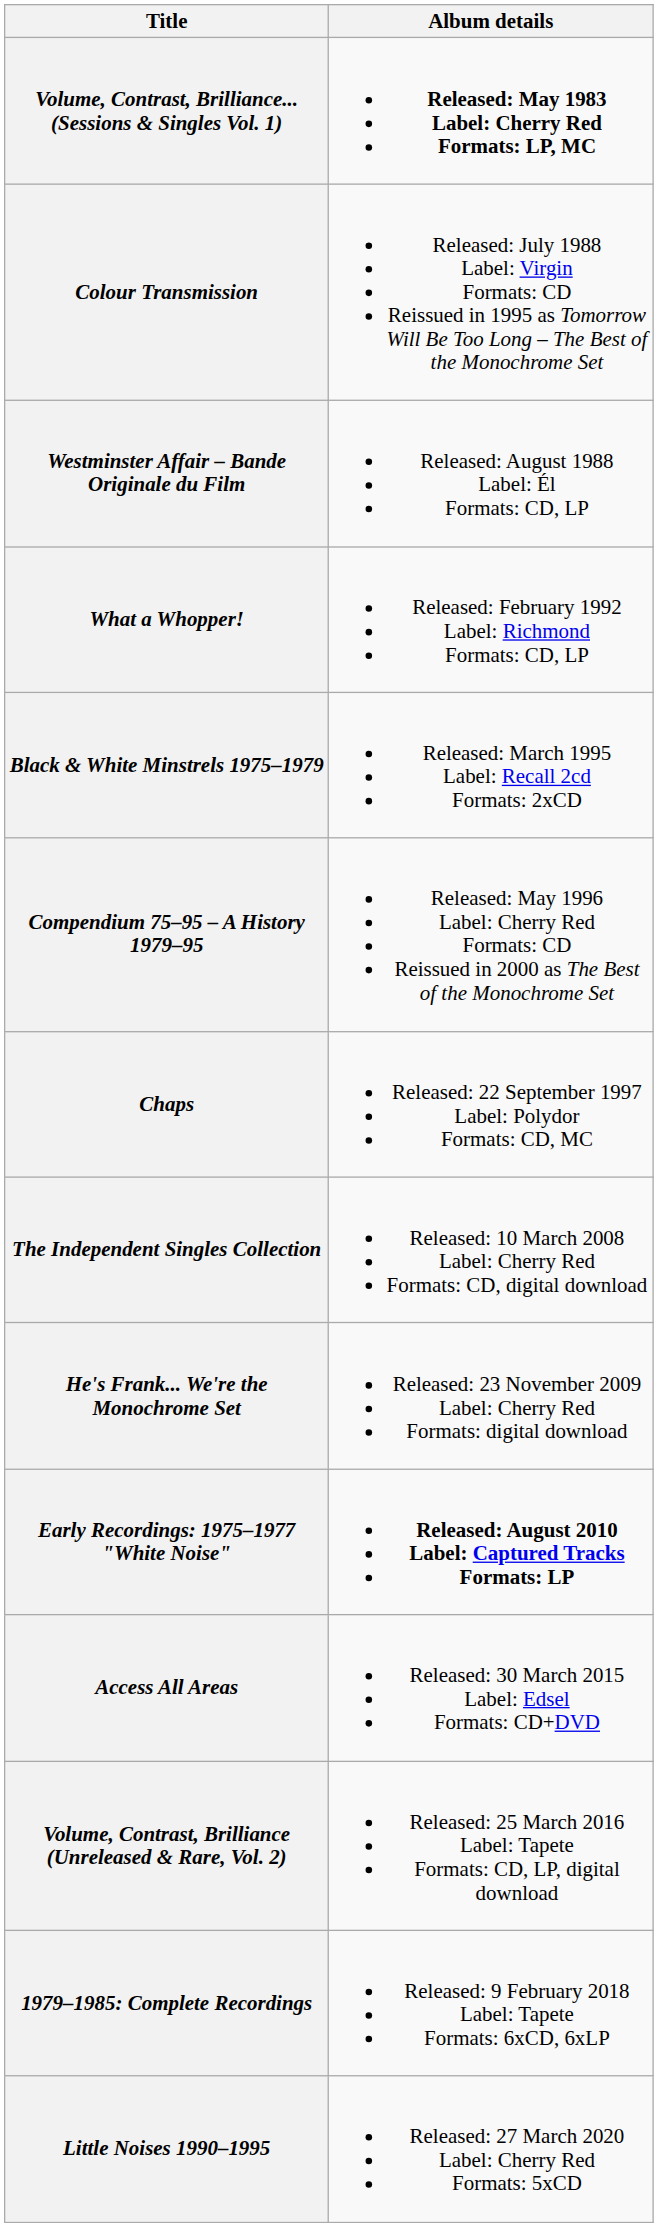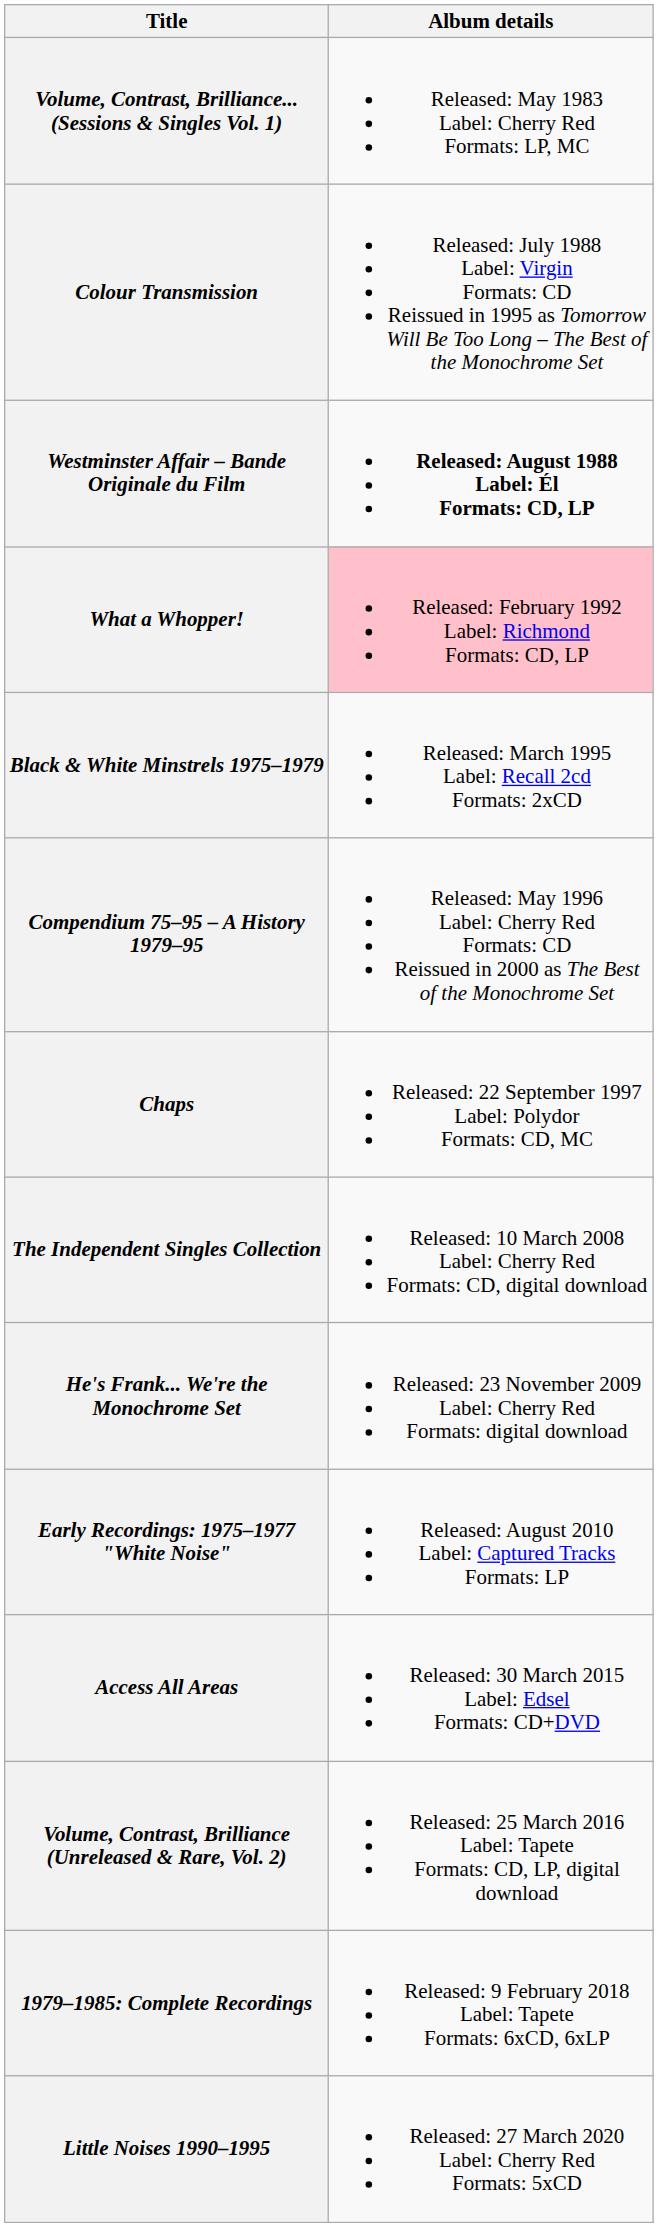 <table class="wikitable plainrowheaders" style="text-align:center;">
 <tr>
 <th scope="col" style="width:15em;">Title</th>
 <th scope="col" style="width:15em;">Album details</th>
 </tr>
 <tr>
 <th scope="row"><em>Volume, Contrast, Brilliance... (Sessions & Singles Vol. 1)</em></th>
-<td><strong><br><ul><li>Released: May 1983</li><li>Label: Cherry Red</li><li>Formats: LP, MC</li></ul></strong></td>
+<td><br><ul><li>Released: May 1983</li><li>Label: Cherry Red</li><li>Formats: LP, MC</li></ul></td>
 </tr>
 <tr>
 <th scope="row"><em>Colour Transmission</em></th>
 <td><br><ul><li>Released: July 1988</li><li>Label: <a href='#'>Virgin</a></li><li>Formats: CD</li><li>Reissued in 1995 as <em>Tomorrow Will Be Too Long – The Best of the Monochrome Set</em></li></ul></td>
 </tr>
 <tr>
 <th scope="row"><em>Westminster Affair – Bande Originale du Film</em></th>
-<td><br><ul><li>Released: August 1988</li><li>Label: Él</li><li>Formats: CD, LP</li></ul></td>
+<td><strong><br><ul><li>Released: August 1988</li><li>Label: Él</li><li>Formats: CD, LP</li></ul></strong></td>
 </tr>
 <tr>
 <th scope="row"><em>What a Whopper!</em></th>
-<td><br><ul><li>Released: February 1992</li><li>Label: <a href='#'>Richmond</a></li><li>Formats: CD, LP</li></ul></td>
+<td style="background: pink;"><br><ul><li>Released: February 1992</li><li>Label: <a href='#'>Richmond</a></li><li>Formats: CD, LP</li></ul></td>
 </tr>
 <tr>
 <th scope="row"><em>Black & White Minstrels 1975–1979</em></th>
 <td><br><ul><li>Released: March 1995</li><li>Label: <a href='#'>Recall 2cd</a></li><li>Formats: 2xCD</li></ul></td>
 </tr>
 <tr>
 <th scope="row"><em>Compendium 75–95 – A History 1979–95</em></th>
 <td><br><ul><li>Released: May 1996</li><li>Label: Cherry Red</li><li>Formats: CD</li><li>Reissued in 2000 as <em>The Best of the Monochrome Set</em></li></ul></td>
 </tr>
 <tr>
 <th scope="row"><em>Chaps</em></th>
 <td><br><ul><li>Released: 22 September 1997</li><li>Label: Polydor</li><li>Formats: CD, MC</li></ul></td>
 </tr>
 <tr>
 <th scope="row"><em>The Independent Singles Collection</em></th>
 <td><br><ul><li>Released: 10 March 2008</li><li>Label: Cherry Red</li><li>Formats: CD, digital download</li></ul></td>
 </tr>
 <tr>
 <th scope="row"><em>He's Frank... We're the Monochrome Set</em></th>
 <td><br><ul><li>Released: 23 November 2009</li><li>Label: Cherry Red</li><li>Formats: digital download</li></ul></td>
 </tr>
 <tr>
 <th scope="row"><em>Early Recordings: 1975–1977 "White Noise"</em></th>
-<td><strong><br><ul><li>Released: August 2010</li><li>Label: <a href='#'>Captured Tracks</a></li><li>Formats: LP</li></ul></strong></td>
+<td><br><ul><li>Released: August 2010</li><li>Label: <a href='#'>Captured Tracks</a></li><li>Formats: LP</li></ul></td>
 </tr>
 <tr>
 <th scope="row"><em>Access All Areas</em></th>
 <td><br><ul><li>Released: 30 March 2015</li><li>Label: <a href='#'>Edsel</a></li><li>Formats: CD+<a href='#'>DVD</a></li></ul></td>
 </tr>
 <tr>
 <th scope="row"><em>Volume, Contrast, Brilliance (Unreleased & Rare, Vol. 2)</em></th>
 <td><br><ul><li>Released: 25 March 2016</li><li>Label: Tapete</li><li>Formats: CD, LP, digital download</li></ul></td>
 </tr>
 <tr>
 <th scope="row"><em>1979–1985: Complete Recordings</em></th>
 <td><br><ul><li>Released: 9 February 2018</li><li>Label: Tapete</li><li>Formats: 6xCD, 6xLP</li></ul></td>
 </tr>
 <tr>
 <th scope="row"><em>Little Noises 1990–1995</em></th>
 <td><br><ul><li>Released: 27 March 2020</li><li>Label: Cherry Red</li><li>Formats: 5xCD</li></ul></td>
 </tr>
 </table>
